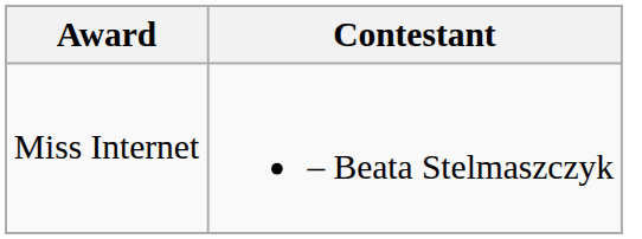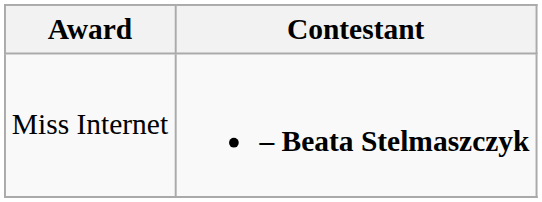 <table class="wikitable unsortable" style="font-size:95%;">
 <tr>
 <th>Award</th>
 <th>Contestant</th>
 </tr>
 <tr>
 <td>Miss Internet</td>
-<td><br><ul><li> – Beata Stelmaszczyk</li></ul></td>
+<td><strong><br><ul><li> – Beata Stelmaszczyk</li></ul></strong></td>
 </tr>
 <tr>
 </tr>
 </table>
